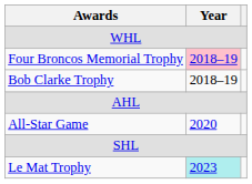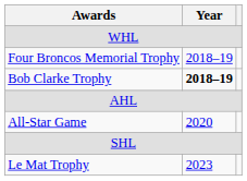 <table class="wikitable">
 <tr>
 <th>Awards</th>
 <th>Year</th>
 <th></th>
 </tr>
 <tr ALIGN="center" bgcolor="#e0e0e0">
 <td colspan="3"><a href='#'>WHL</a></td>
 </tr>
 <tr>
 <td><a href='#'>Four Broncos Memorial Trophy</a></td>
-<td style="background: pink;"><a href='#'>2018–19</a></td>
+<td><a href='#'>2018–19</a></td>
 <td></td>
 </tr>
 <tr>
 <td><a href='#'>Bob Clarke Trophy</a></td>
-<td>2018–19</td>
+<td><strong>2018–19</strong></td>
 <td></td>
 </tr>
 <tr ALIGN="center" bgcolor="#e0e0e0">
 <td colspan="3"><a href='#'>AHL</a></td>
 </tr>
 <tr>
 <td><a href='#'>All-Star Game</a></td>
 <td><a href='#'>2020</a></td>
 <td></td>
 </tr>
 <tr ALIGN="center" bgcolor="#e0e0e0">
 <td colspan="3"><a href='#'>SHL</a></td>
 </tr>
 <tr>
 <td><a href='#'>Le Mat Trophy</a></td>
-<td style="background: paleturquoise;"><a href='#'>2023</a></td>
+<td><a href='#'>2023</a></td>
 <td></td>
 </tr>
 </table>
